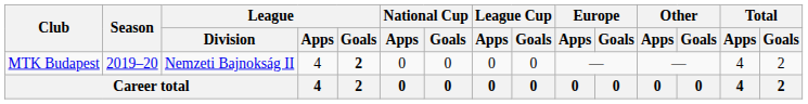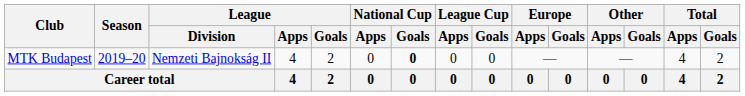 <table class="wikitable" style="text-align:center">
 <tr>
 <th rowspan="2">Club</th>
 <th rowspan="2">Season</th>
 <th colspan="3">League</th>
 <th colspan="2">National Cup</th>
 <th colspan="2">League Cup</th>
 <th colspan="2">Europe</th>
 <th colspan="2">Other</th>
 <th colspan="2">Total</th>
 </tr>
 <tr>
 <th>Division</th>
 <th>Apps</th>
 <th>Goals</th>
 <th>Apps</th>
 <th>Goals</th>
 <th>Apps</th>
 <th>Goals</th>
 <th>Apps</th>
 <th>Goals</th>
 <th>Apps</th>
 <th>Goals</th>
 <th>Apps</th>
 <th>Goals</th>
 </tr>
 <tr>
 <td rowspan="1"><a href='#'>MTK Budapest</a></td>
 <td><a href='#'>2019–20</a></td>
 <td><a href='#'>Nemzeti Bajnokság II</a></td>
 <td>4</td>
-<td><strong>2</strong></td>
+<td>2</td>
 <td>0</td>
-<td>0</td>
+<td><strong>0</strong></td>
 <td>0</td>
 <td>0</td>
 <td colspan="2">—</td>
 <td colspan="2">—</td>
 <td>4</td>
 <td>2</td>
 </tr>
 <tr>
 <th colspan="3">Career total</th>
 <th>4</th>
 <th>2</th>
 <th>0</th>
 <th>0</th>
 <th>0</th>
 <th>0</th>
 <th>0</th>
 <th>0</th>
 <th>0</th>
 <th>0</th>
 <th>4</th>
 <th>2</th>
 </tr>
 </table>
